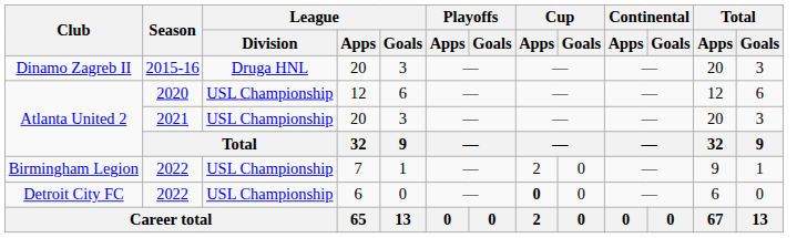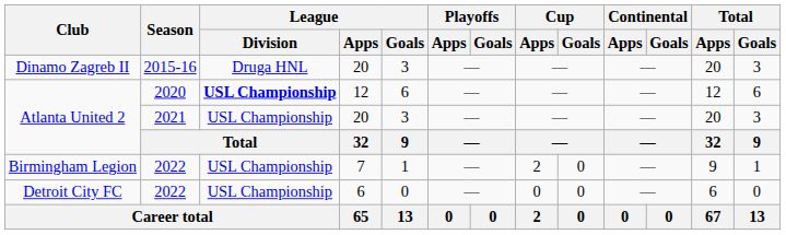 <table class=wikitable style=text-align:center>
 <tr>
 <th rowspan=2>Club</th>
 <th rowspan=2>Season</th>
 <th colspan=3>League</th>
 <th colspan=2>Playoffs</th>
 <th colspan=2>Cup</th>
 <th colspan=2>Continental</th>
 <th colspan=2>Total</th>
 </tr>
 <tr>
 <th>Division</th>
 <th>Apps</th>
 <th>Goals</th>
 <th>Apps</th>
 <th>Goals</th>
 <th>Apps</th>
 <th>Goals</th>
 <th>Apps</th>
 <th>Goals</th>
 <th>Apps</th>
 <th>Goals</th>
 </tr>
 <tr>
 <td><a href='#'>Dinamo Zagreb II</a></td>
 <td><a href='#'>2015-16</a></td>
 <td><a href='#'>Druga HNL</a></td>
 <td>20</td>
 <td>3</td>
 <td colspan=2>—</td>
 <td colspan=2>—</td>
 <td colspan=2>—</td>
 <td>20</td>
 <td>3</td>
 </tr>
 <tr>
 <td rowspan=3><a href='#'>Atlanta United 2</a></td>
 <td><a href='#'>2020</a></td>
-<td><a href='#'>USL Championship</a></td>
+<td><strong><a href='#'>USL Championship</a></strong></td>
 <td>12</td>
 <td>6</td>
 <td colspan=2>—</td>
 <td colspan=2>—</td>
 <td colspan=2>—</td>
 <td>12</td>
 <td>6</td>
 </tr>
 <tr>
 <td><a href='#'>2021</a></td>
 <td><a href='#'>USL Championship</a></td>
 <td>20</td>
 <td>3</td>
 <td colspan=2>—</td>
 <td colspan=2>—</td>
 <td colspan=2>—</td>
 <td>20</td>
 <td>3</td>
 </tr>
 <tr>
 <th colspan=2>Total</th>
 <th>32</th>
 <th>9</th>
 <th colspan=2>—</th>
 <th colspan=2>—</th>
 <th colspan=2>—</th>
 <th>32</th>
 <th>9</th>
 </tr>
 <tr>
 <td><a href='#'>Birmingham Legion</a></td>
 <td><a href='#'>2022</a></td>
 <td><a href='#'>USL Championship</a></td>
 <td>7</td>
 <td>1</td>
 <td colspan=2>—</td>
 <td>2</td>
 <td>0</td>
 <td colspan=2>—</td>
 <td>9</td>
 <td>1</td>
 </tr>
 <tr>
 <td><a href='#'>Detroit City FC</a></td>
 <td><a href='#'>2022</a></td>
 <td><a href='#'>USL Championship</a></td>
 <td>6</td>
 <td>0</td>
 <td colspan=2>—</td>
-<td><strong>0</strong></td>
+<td>0</td>
 <td>0</td>
 <td colspan=2>—</td>
 <td>6</td>
 <td>0</td>
 </tr>
 <tr>
 <th colspan=3>Career total</th>
 <th>65</th>
 <th>13</th>
 <th>0</th>
 <th>0</th>
 <th>2</th>
 <th>0</th>
 <th>0</th>
 <th>0</th>
 <th>67</th>
 <th>13</th>
 </tr>
 </table>
